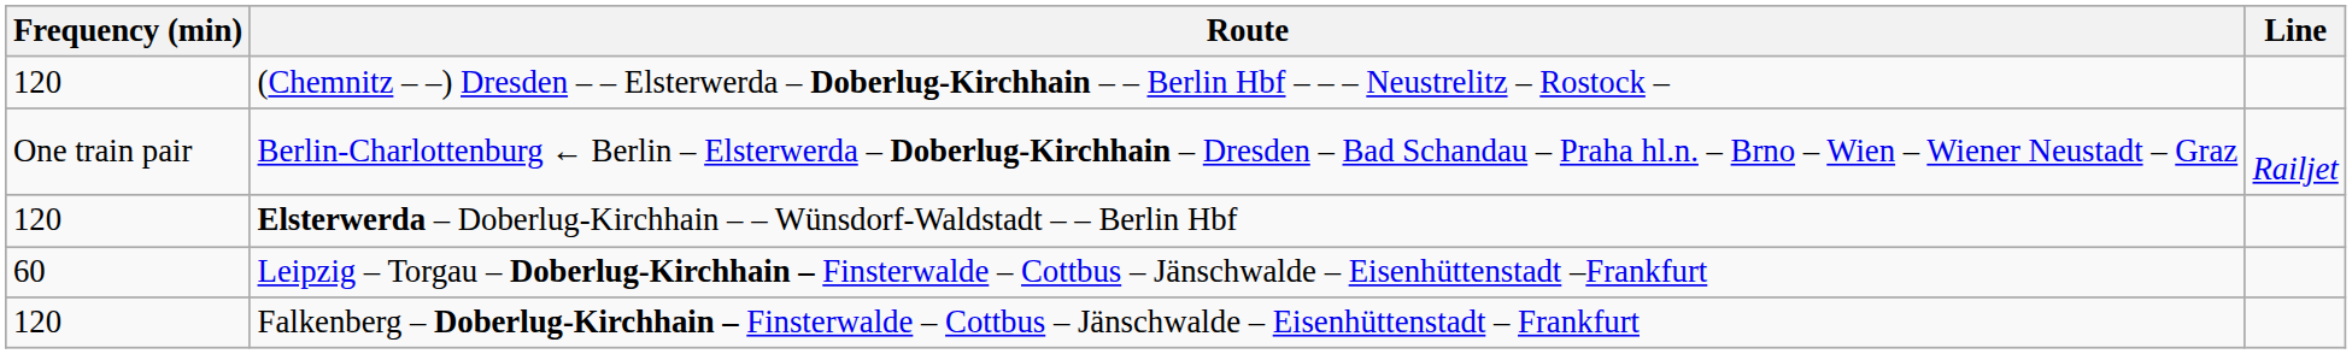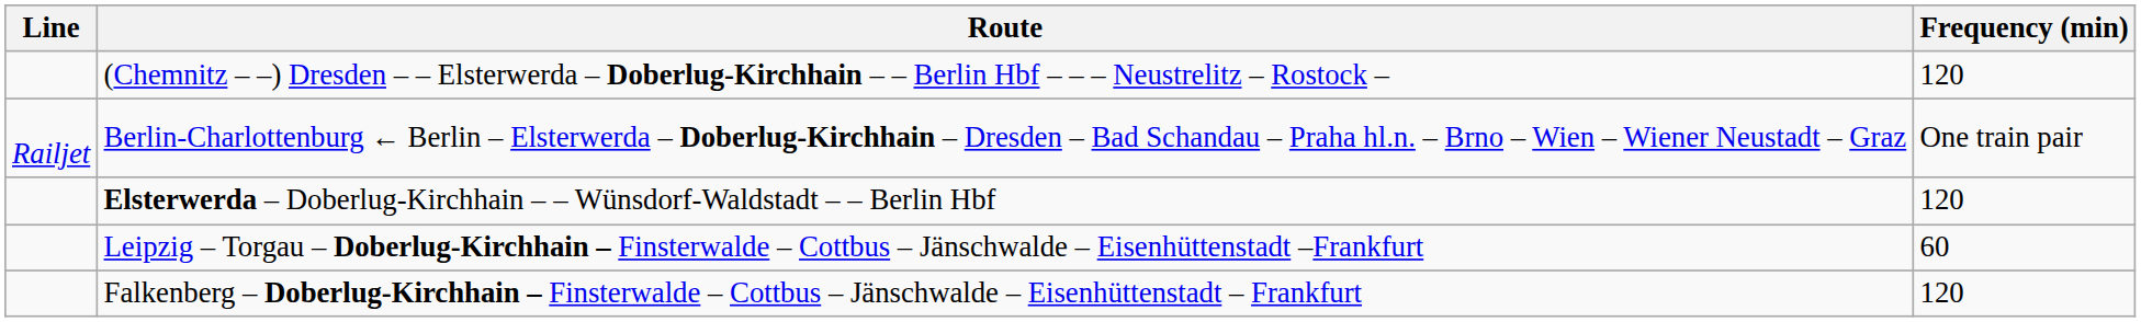 <table class="wikitable">
 <tr>
+<th>Line</th>
+<th>Route</th>
 <th>Frequency (min)</th>
-<th>Route</th>
-<th>Line</th>
 </tr>
 <tr>
+<td align="center"></td>
+<td>(<a href='#'>Chemnitz</a> –  –) <a href='#'>Dresden</a> –  – Elsterwerda – <strong>Doberlug-Kirchhain</strong> –  – <a href='#'>Berlin Hbf</a> –  –  – <a href='#'>Neustrelitz</a> – <a href='#'>Rostock</a> – </td>
 <td>120</td>
-<td>(<a href='#'>Chemnitz</a> –  –) <a href='#'>Dresden</a> –  – Elsterwerda – <strong>Doberlug-Kirchhain</strong> –  – <a href='#'>Berlin Hbf</a> –  –  – <a href='#'>Neustrelitz</a> – <a href='#'>Rostock</a> – </td>
-<td align="center"></td>
 </tr>
 <tr>
+<td align="center"><br><em><a href='#'>Railjet</a></em></td>
+<td><a href='#'>Berlin-Charlottenburg</a> ← Berlin – <a href='#'>Elsterwerda</a> – <strong>Doberlug-Kirchhain</strong> – <a href='#'>Dresden</a> – <a href='#'>Bad Schandau</a> – <a href='#'>Praha hl.n.</a> – <a href='#'>Brno</a> – <a href='#'>Wien</a> – <a href='#'>Wiener Neustadt</a> – <a href='#'>Graz</a></td>
 <td>One train pair</td>
-<td><a href='#'>Berlin-Charlottenburg</a> ← Berlin – <a href='#'>Elsterwerda</a> – <strong>Doberlug-Kirchhain</strong> – <a href='#'>Dresden</a> – <a href='#'>Bad Schandau</a> – <a href='#'>Praha hl.n.</a> – <a href='#'>Brno</a> – <a href='#'>Wien</a> – <a href='#'>Wiener Neustadt</a> – <a href='#'>Graz</a></td>
-<td align="center"><br><em><a href='#'>Railjet</a></em></td>
 </tr>
 <tr>
+<td align="center"></td>
+<td><strong>Elsterwerda</strong> – Doberlug-Kirchhain –  – Wünsdorf-Waldstadt –  – Berlin Hbf</td>
 <td>120</td>
-<td><strong>Elsterwerda</strong> – Doberlug-Kirchhain –  – Wünsdorf-Waldstadt –  – Berlin Hbf</td>
-<td align="center"></td>
 </tr>
 <tr>
+<td></td>
+<td><a href='#'>Leipzig</a> – Torgau – <strong>Doberlug-Kirchhain –</strong> <a href='#'>Finsterwalde</a> – <a href='#'>Cottbus</a> – Jänschwalde – <a href='#'>Eisenhüttenstadt</a> –<a href='#'>Frankfurt</a></td>
 <td>60</td>
-<td><a href='#'>Leipzig</a> – Torgau – <strong>Doberlug-Kirchhain –</strong> <a href='#'>Finsterwalde</a> – <a href='#'>Cottbus</a> – Jänschwalde – <a href='#'>Eisenhüttenstadt</a> –<a href='#'>Frankfurt</a></td>
-<td></td>
 </tr>
 <tr>
+<td></td>
+<td>Falkenberg – <strong>Doberlug-Kirchhain –</strong> <a href='#'>Finsterwalde</a> – <a href='#'>Cottbus</a> – Jänschwalde – <a href='#'>Eisenhüttenstadt</a> – <a href='#'>Frankfurt</a></td>
 <td>120</td>
-<td>Falkenberg – <strong>Doberlug-Kirchhain –</strong> <a href='#'>Finsterwalde</a> – <a href='#'>Cottbus</a> – Jänschwalde – <a href='#'>Eisenhüttenstadt</a> – <a href='#'>Frankfurt</a></td>
-<td></td>
 </tr>
 </table>
